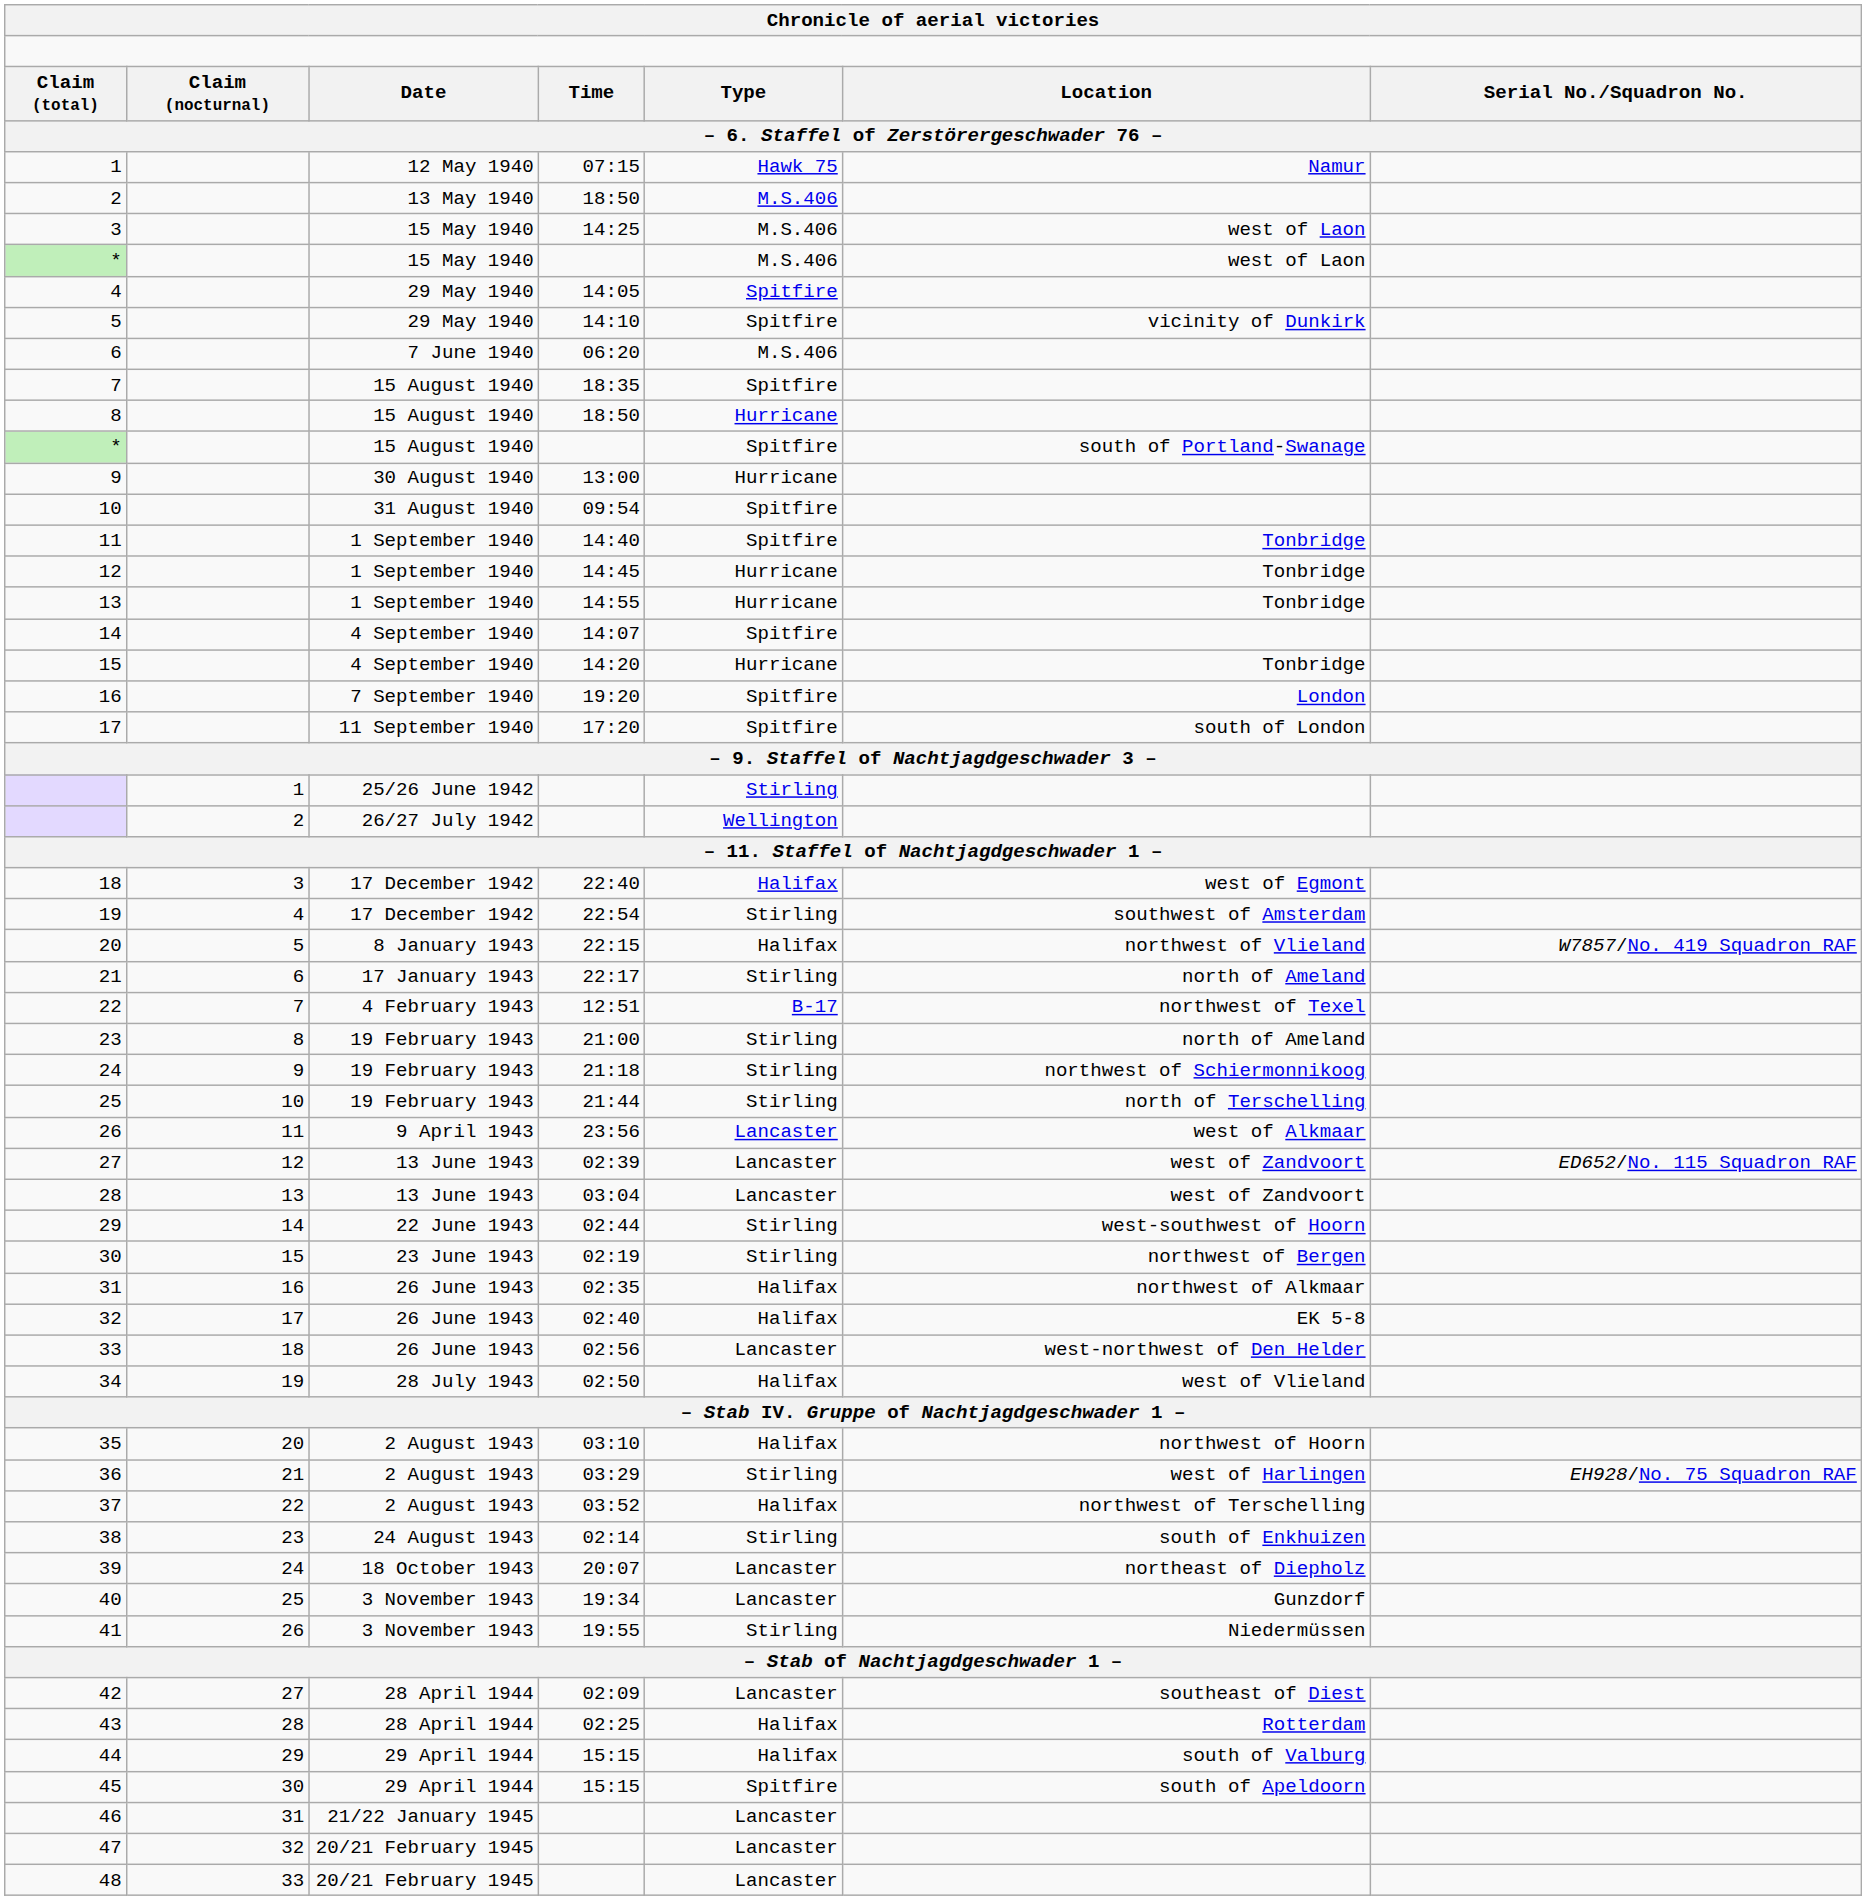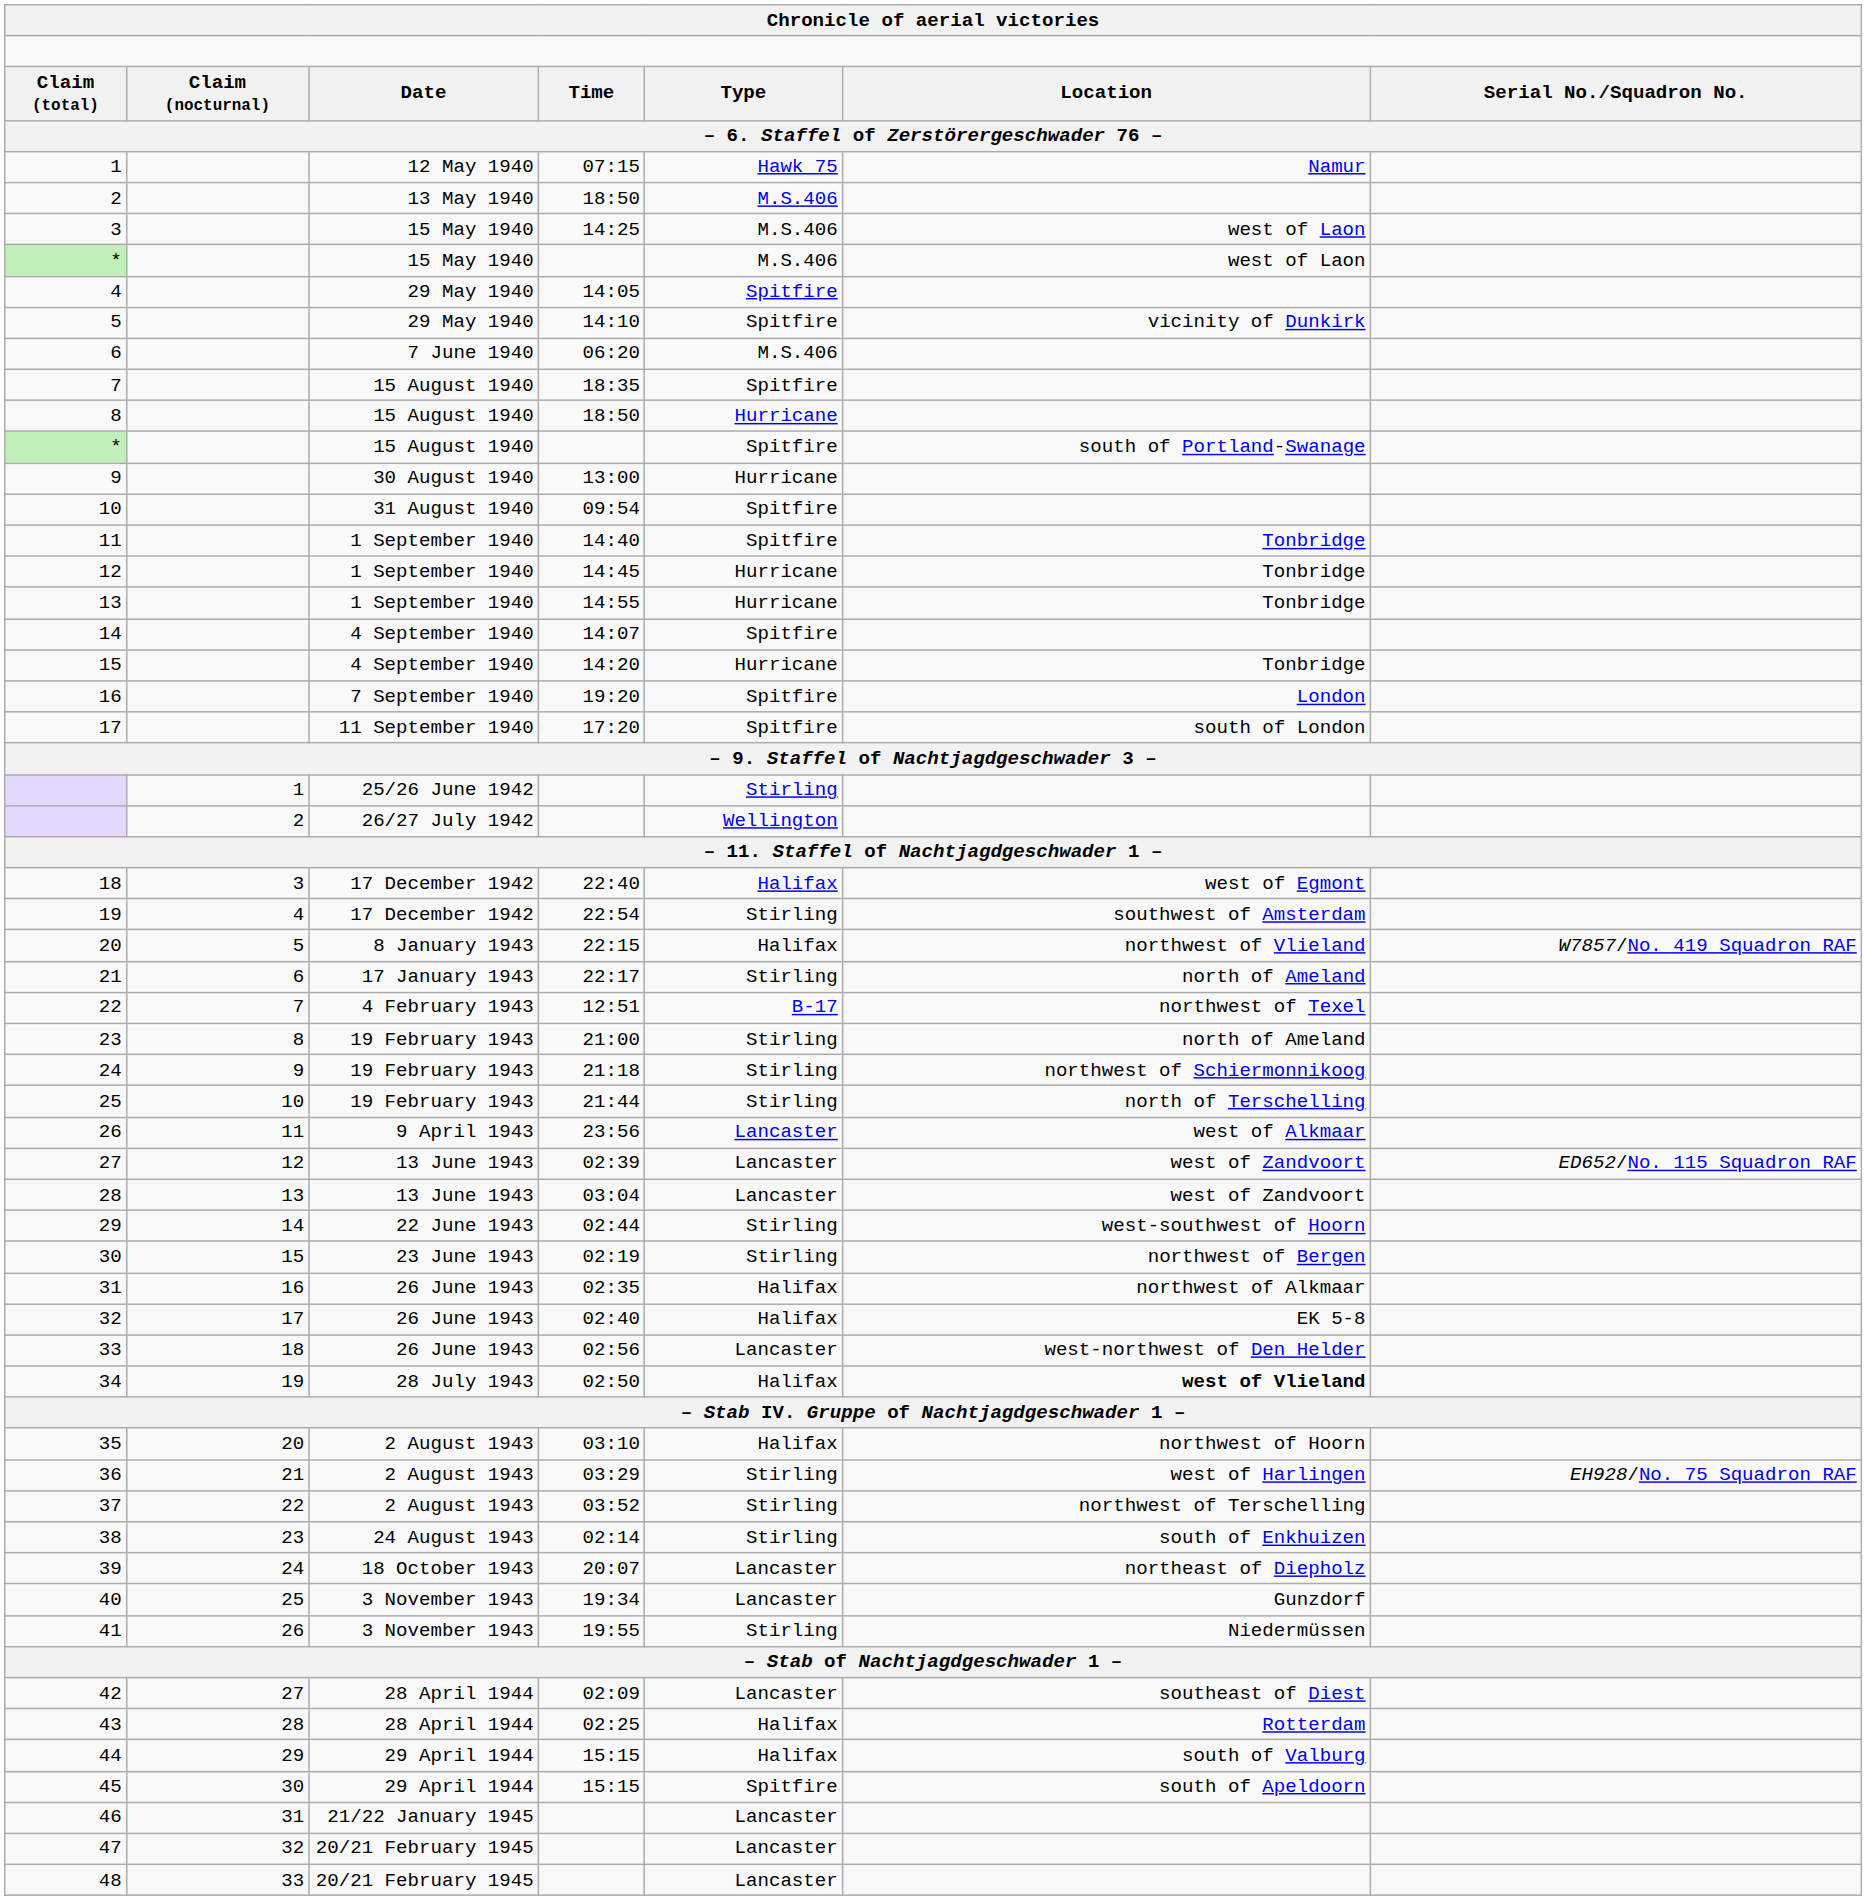 <table class="wikitable plainrowheaders collapsible" style="margin-left: auto; margin-right: auto; border: none; text-align:right; width: 100%;">
 <tr>
 <th colspan="7">Chronicle of aerial victories</th>
 </tr>
 <tr>
 <td colspan="7" style="text-align: left;"><br> </td>
 </tr>
 <tr>
 <th scope="col">Claim<br><small>(total)</small></th>
 <th scope="col">Claim<br><small>(nocturnal)</small></th>
 <th scope="col" style="width:150px">Date</th>
 <th scope="col">Time</th>
 <th scope="col">Type</th>
 <th scope="col">Location</th>
 <th scope="col">Serial No./Squadron No.</th>
 </tr>
 <tr>
 <th colspan="7">– 6. <em>Staffel</em> of <em>Zerstörergeschwader</em> 76 –</th>
 </tr>
 <tr>
 <td>1</td>
 <td></td>
 <td>12 May 1940</td>
 <td>07:15</td>
 <td><a href='#'>Hawk 75</a></td>
 <td><a href='#'>Namur</a></td>
 <td></td>
 </tr>
 <tr>
 <td>2</td>
 <td></td>
 <td>13 May 1940</td>
 <td>18:50</td>
 <td><a href='#'>M.S.406</a></td>
 <td></td>
 <td></td>
 </tr>
 <tr>
 <td>3</td>
 <td></td>
 <td>15 May 1940</td>
 <td>14:25</td>
 <td>M.S.406</td>
 <td>west of <a href='#'>Laon</a></td>
 <td></td>
 </tr>
 <tr>
 <td style="background:#C0EFBA">*</td>
 <td></td>
 <td>15 May 1940</td>
 <td></td>
 <td>M.S.406</td>
 <td>west of Laon</td>
 <td></td>
 </tr>
 <tr>
 <td>4</td>
 <td></td>
 <td>29 May 1940</td>
 <td>14:05</td>
 <td><a href='#'>Spitfire</a></td>
 <td></td>
 <td></td>
 </tr>
 <tr>
 <td>5</td>
 <td></td>
 <td>29 May 1940</td>
 <td>14:10</td>
 <td>Spitfire</td>
 <td>vicinity of <a href='#'>Dunkirk</a></td>
 <td></td>
 </tr>
 <tr>
 <td>6</td>
 <td></td>
 <td>7 June 1940</td>
 <td>06:20</td>
 <td>M.S.406</td>
 <td></td>
 <td></td>
 </tr>
 <tr>
 <td>7</td>
 <td></td>
 <td>15 August 1940</td>
 <td>18:35</td>
 <td>Spitfire</td>
 <td></td>
 <td></td>
 </tr>
 <tr>
 <td>8</td>
 <td></td>
 <td>15 August 1940</td>
 <td>18:50</td>
 <td><a href='#'>Hurricane</a></td>
 <td></td>
 <td></td>
 </tr>
 <tr>
 <td style="background:#C0EFBA">*</td>
 <td></td>
 <td>15 August 1940</td>
 <td></td>
 <td>Spitfire</td>
 <td>south of <a href='#'>Portland</a>-<a href='#'>Swanage</a></td>
 <td></td>
 </tr>
 <tr>
 <td>9</td>
 <td></td>
 <td>30 August 1940</td>
 <td>13:00</td>
 <td>Hurricane</td>
 <td></td>
 <td></td>
 </tr>
 <tr>
 <td>10</td>
 <td></td>
 <td>31 August 1940</td>
 <td>09:54</td>
 <td>Spitfire</td>
 <td></td>
 <td></td>
 </tr>
 <tr>
 <td>11</td>
 <td></td>
 <td>1 September 1940</td>
 <td>14:40</td>
 <td>Spitfire</td>
 <td><a href='#'>Tonbridge</a></td>
 <td></td>
 </tr>
 <tr>
 <td>12</td>
 <td></td>
 <td>1 September 1940</td>
 <td>14:45</td>
 <td>Hurricane</td>
 <td>Tonbridge</td>
 <td></td>
 </tr>
 <tr>
 <td>13</td>
 <td></td>
 <td>1 September 1940</td>
 <td>14:55</td>
 <td>Hurricane</td>
 <td>Tonbridge</td>
 <td></td>
 </tr>
 <tr>
 <td>14</td>
 <td></td>
 <td>4 September 1940</td>
 <td>14:07</td>
 <td>Spitfire</td>
 <td></td>
 <td></td>
 </tr>
 <tr>
 <td>15</td>
 <td></td>
 <td>4 September 1940</td>
 <td>14:20</td>
 <td>Hurricane</td>
 <td>Tonbridge</td>
 <td></td>
 </tr>
 <tr>
 <td>16</td>
 <td></td>
 <td>7 September 1940</td>
 <td>19:20</td>
 <td>Spitfire</td>
 <td><a href='#'>London</a></td>
 <td></td>
 </tr>
 <tr>
 <td>17</td>
 <td></td>
 <td>11 September 1940</td>
 <td>17:20</td>
 <td>Spitfire</td>
 <td>south of London</td>
 <td></td>
 </tr>
 <tr>
 <th colspan="7">– 9. <em>Staffel</em> of <em>Nachtjagdgeschwader</em> 3 –</th>
 </tr>
 <tr>
 <td style="background:#e3d9ff;"></td>
 <td>1</td>
 <td>25/26 June 1942</td>
 <td></td>
 <td><a href='#'>Stirling</a></td>
 <td></td>
 <td></td>
 </tr>
 <tr>
 <td style="background:#e3d9ff;"></td>
 <td>2</td>
 <td>26/27 July 1942</td>
 <td></td>
 <td><a href='#'>Wellington</a></td>
 <td></td>
 <td></td>
 </tr>
 <tr>
 <th colspan="7">– 11. <em>Staffel</em> of <em>Nachtjagdgeschwader</em> 1 –</th>
 </tr>
 <tr>
 <td>18</td>
 <td>3</td>
 <td>17 December 1942</td>
 <td>22:40</td>
 <td><a href='#'>Halifax</a></td>
 <td>west of <a href='#'>Egmont</a></td>
 <td></td>
 </tr>
 <tr>
 <td>19</td>
 <td>4</td>
 <td>17 December 1942</td>
 <td>22:54</td>
 <td>Stirling</td>
 <td> southwest of <a href='#'>Amsterdam</a></td>
 <td></td>
 </tr>
 <tr>
 <td>20</td>
 <td>5</td>
 <td>8 January 1943</td>
 <td>22:15</td>
 <td>Halifax</td>
 <td> northwest of <a href='#'>Vlieland</a></td>
 <td><em>W7857</em>/<a href='#'>No. 419 Squadron RAF</a></td>
 </tr>
 <tr>
 <td>21</td>
 <td>6</td>
 <td>17 January 1943</td>
 <td>22:17</td>
 <td>Stirling</td>
 <td> north of <a href='#'>Ameland</a></td>
 <td></td>
 </tr>
 <tr>
 <td>22</td>
 <td>7</td>
 <td>4 February 1943</td>
 <td>12:51</td>
 <td><a href='#'>B-17</a></td>
 <td> northwest of <a href='#'>Texel</a></td>
 <td></td>
 </tr>
 <tr>
 <td>23</td>
 <td>8</td>
 <td>19 February 1943</td>
 <td>21:00</td>
 <td>Stirling</td>
 <td> north of Ameland</td>
 <td></td>
 </tr>
 <tr>
 <td>24</td>
 <td>9</td>
 <td>19 February 1943</td>
 <td>21:18</td>
 <td>Stirling</td>
 <td> northwest of <a href='#'>Schiermonnikoog</a></td>
 <td></td>
 </tr>
 <tr>
 <td>25</td>
 <td>10</td>
 <td>19 February 1943</td>
 <td>21:44</td>
 <td>Stirling</td>
 <td> north of <a href='#'>Terschelling</a></td>
 <td></td>
 </tr>
 <tr>
 <td>26</td>
 <td>11</td>
 <td>9 April 1943</td>
 <td>23:56</td>
 <td><a href='#'>Lancaster</a></td>
 <td> west of <a href='#'>Alkmaar</a></td>
 <td></td>
 </tr>
 <tr>
 <td>27</td>
 <td>12</td>
 <td>13 June 1943</td>
 <td>02:39</td>
 <td>Lancaster</td>
 <td> west of <a href='#'>Zandvoort</a></td>
 <td><em>ED652</em>/<a href='#'>No. 115 Squadron RAF</a></td>
 </tr>
 <tr>
 <td>28</td>
 <td>13</td>
 <td>13 June 1943</td>
 <td>03:04</td>
 <td>Lancaster</td>
 <td> west of Zandvoort</td>
 <td></td>
 </tr>
 <tr>
 <td>29</td>
 <td>14</td>
 <td>22 June 1943</td>
 <td>02:44</td>
 <td>Stirling</td>
 <td> west-southwest of <a href='#'>Hoorn</a></td>
 <td></td>
 </tr>
 <tr>
 <td>30</td>
 <td>15</td>
 <td>23 June 1943</td>
 <td>02:19</td>
 <td>Stirling</td>
 <td> northwest of <a href='#'>Bergen</a></td>
 <td></td>
 </tr>
 <tr>
 <td>31</td>
 <td>16</td>
 <td>26 June 1943</td>
 <td>02:35</td>
 <td>Halifax</td>
 <td>northwest of Alkmaar</td>
 <td></td>
 </tr>
 <tr>
 <td>32</td>
 <td>17</td>
 <td>26 June 1943</td>
 <td>02:40</td>
 <td>Halifax</td>
 <td>EK 5-8</td>
 <td></td>
 </tr>
 <tr>
 <td>33</td>
 <td>18</td>
 <td>26 June 1943</td>
 <td>02:56</td>
 <td>Lancaster</td>
 <td> west-northwest of <a href='#'>Den Helder</a></td>
 <td></td>
 </tr>
 <tr>
 <td>34</td>
 <td>19</td>
 <td>28 July 1943</td>
 <td>02:50</td>
 <td>Halifax</td>
-<td> west of Vlieland</td>
+<td><strong> west of Vlieland</strong></td>
 <td></td>
 </tr>
 <tr>
 <th colspan="7">– <em>Stab</em> IV. <em>Gruppe</em> of <em>Nachtjagdgeschwader</em> 1 –</th>
 </tr>
 <tr>
 <td>35</td>
 <td>20</td>
 <td>2 August 1943</td>
 <td>03:10</td>
 <td>Halifax</td>
 <td> northwest of Hoorn</td>
 <td></td>
 </tr>
 <tr>
 <td>36</td>
 <td>21</td>
 <td>2 August 1943</td>
 <td>03:29</td>
 <td>Stirling</td>
 <td> west of <a href='#'>Harlingen</a></td>
 <td><em>EH928</em>/<a href='#'>No. 75 Squadron RAF</a></td>
 </tr>
 <tr>
 <td>37</td>
 <td>22</td>
 <td>2 August 1943</td>
 <td>03:52</td>
-<td>Halifax</td>
+<td>Stirling</td>
 <td> northwest of Terschelling</td>
 <td></td>
 </tr>
 <tr>
 <td>38</td>
 <td>23</td>
 <td>24 August 1943</td>
 <td>02:14</td>
 <td>Stirling</td>
 <td> south of <a href='#'>Enkhuizen</a></td>
 <td></td>
 </tr>
 <tr>
 <td>39</td>
 <td>24</td>
 <td>18 October 1943</td>
 <td>20:07</td>
 <td>Lancaster</td>
 <td> northeast of <a href='#'>Diepholz</a></td>
 <td></td>
 </tr>
 <tr>
 <td>40</td>
 <td>25</td>
 <td>3 November 1943</td>
 <td>19:34</td>
 <td>Lancaster</td>
 <td>Gunzdorf</td>
 <td></td>
 </tr>
 <tr>
 <td>41</td>
 <td>26</td>
 <td>3 November 1943</td>
 <td>19:55</td>
 <td>Stirling</td>
 <td>Niedermüssen</td>
 <td></td>
 </tr>
 <tr>
 <th colspan="7">– <em>Stab</em> of <em>Nachtjagdgeschwader</em> 1 –</th>
 </tr>
 <tr>
 <td>42</td>
 <td>27</td>
 <td>28 April 1944</td>
 <td>02:09</td>
 <td>Lancaster</td>
 <td> southeast of <a href='#'>Diest</a></td>
 <td></td>
 </tr>
 <tr>
 <td>43</td>
 <td>28</td>
 <td>28 April 1944</td>
 <td>02:25</td>
 <td>Halifax</td>
 <td><a href='#'>Rotterdam</a></td>
 <td></td>
 </tr>
 <tr>
 <td>44</td>
 <td>29</td>
 <td>29 April 1944</td>
 <td>15:15</td>
 <td>Halifax</td>
 <td> south of <a href='#'>Valburg</a></td>
 <td></td>
 </tr>
 <tr>
 <td>45</td>
 <td>30</td>
 <td>29 April 1944</td>
 <td>15:15</td>
 <td>Spitfire</td>
 <td> south of <a href='#'>Apeldoorn</a></td>
 <td></td>
 </tr>
 <tr>
 <td>46</td>
 <td>31</td>
 <td>21/22 January 1945</td>
 <td></td>
 <td>Lancaster</td>
 <td></td>
 <td></td>
 </tr>
 <tr>
 <td>47</td>
 <td>32</td>
 <td>20/21 February 1945</td>
 <td></td>
 <td>Lancaster</td>
 <td></td>
 <td></td>
 </tr>
 <tr>
 <td>48</td>
 <td>33</td>
 <td>20/21 February 1945</td>
 <td></td>
 <td>Lancaster</td>
 <td></td>
 <td></td>
 </tr>
 </table>
